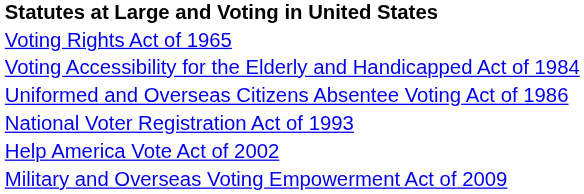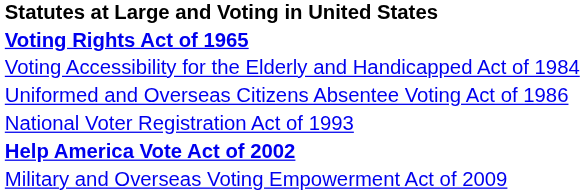 <table style="width: 75%; border: none; text-align: left;">
 <tr>
 <td><strong>Statutes at Large and Voting in United States</strong></td>
 </tr>
 <tr>
-<td><a href='#'>Voting Rights Act of 1965</a></td>
+<td><strong><a href='#'>Voting Rights Act of 1965</a></strong></td>
 </tr>
 <tr>
 <td><a href='#'>Voting Accessibility for the Elderly and Handicapped Act of 1984</a></td>
 </tr>
 <tr>
 <td><a href='#'>Uniformed and Overseas Citizens Absentee Voting Act of 1986</a></td>
 </tr>
 <tr>
 <td><a href='#'>National Voter Registration Act of 1993</a></td>
 </tr>
 <tr>
-<td><a href='#'>Help America Vote Act of 2002</a></td>
+<td><strong><a href='#'>Help America Vote Act of 2002</a></strong></td>
 </tr>
 <tr>
 <td><a href='#'>Military and Overseas Voting Empowerment Act of 2009</a></td>
 </tr>
 </table>
